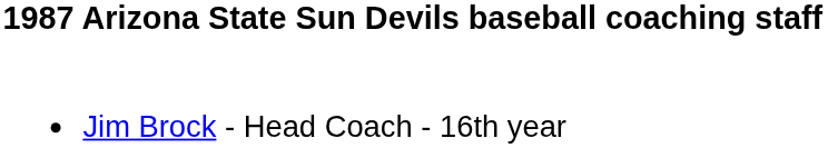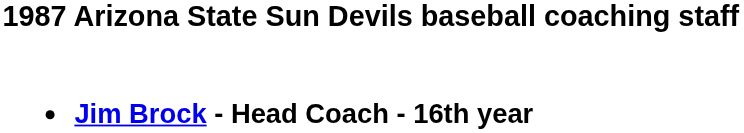 <table class="toccolours">
 <tr>
 <th colspan=9>1987 Arizona State Sun Devils baseball coaching staff</th>
 </tr>
 <tr>
-<td style="text-align: left; font-size: 95%;" valign="top"><br><ul><li><a href='#'>Jim Brock</a> - Head Coach - 16th year</li></ul></td>
+<td style="text-align: left; font-size: 95%;" valign="top"><strong><br><ul><li><a href='#'>Jim Brock</a> - Head Coach - 16th year</li></ul></strong></td>
 </tr>
 </table>
